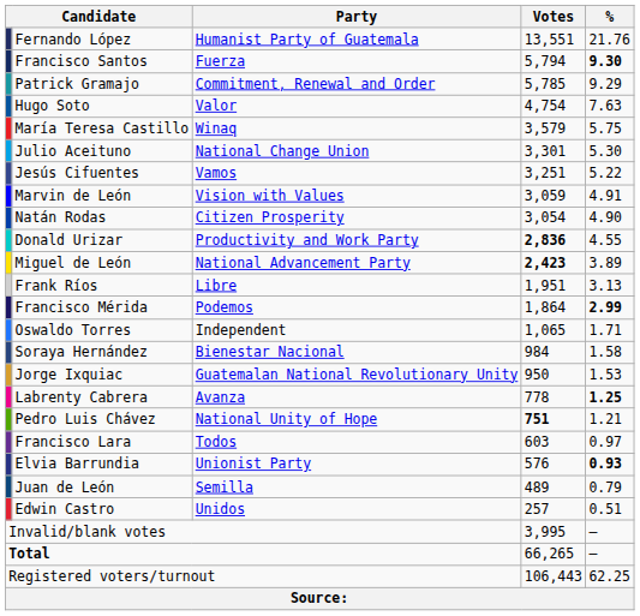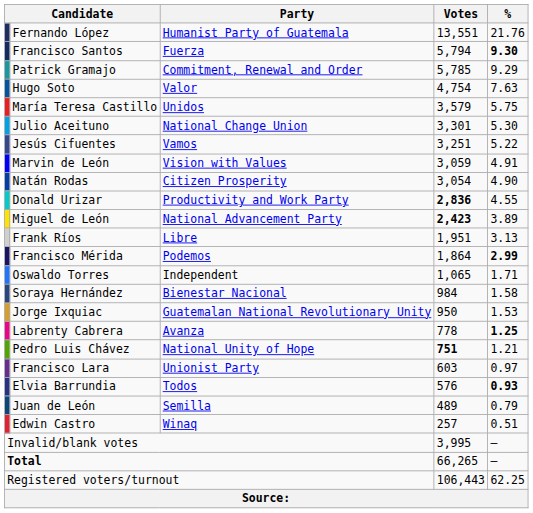 <table class="wikitable style=text-align:right">
 <tr>
 <th colspan=2>Candidate</th>
 <th>Party</th>
 <th>Votes</th>
 <th>%</th>
 </tr>
 <tr>
 <td bgcolor="#212C64"></td>
 <td align=left>Fernando López</td>
 <td align=left><a href='#'>Humanist Party of Guatemala</a></td>
 <td>13,551</td>
 <td>21.76</td>
 </tr>
 <tr>
 <td bgcolor="#142A62"></td>
 <td align=left>Francisco Santos</td>
 <td align=left><a href='#'>Fuerza</a></td>
 <td>5,794</td>
 <td><strong>9.30</strong></td>
 </tr>
 <tr>
 <td bgcolor="#1898A1"></td>
 <td align=left>Patrick Gramajo</td>
 <td align=left><a href='#'>Commitment, Renewal and Order</a></td>
 <td>5,785</td>
 <td>9.29</td>
 </tr>
 <tr>
 <td bgcolor="#05549E"></td>
 <td align=left>Hugo Soto</td>
 <td align=left><a href='#'>Valor</a></td>
 <td>4,754</td>
 <td>7.63</td>
 </tr>
 <tr>
 <td bgcolor="#EB1C22"></td>
 <td align=left>María Teresa Castillo</td>
-<td align=left><a href='#'>Winaq</a></td>
+<td align=left><a href='#'>Unidos</a></td>
 <td>3,579</td>
 <td>5.75</td>
 </tr>
 <tr>
 <td bgcolor="#00A3E6"></td>
 <td align=left>Julio Aceituno</td>
 <td align=left><a href='#'>National Change Union</a></td>
 <td>3,301</td>
 <td>5.30</td>
 </tr>
 <tr>
 <td bgcolor="#34478E"></td>
 <td align=left>Jesús Cifuentes</td>
 <td align=left><a href='#'>Vamos</a></td>
 <td>3,251</td>
 <td>5.22</td>
 </tr>
 <tr>
 <td bgcolor="#0000FE"></td>
 <td align=left>Marvin de León</td>
 <td align=left><a href='#'>Vision with Values</a></td>
 <td>3,059</td>
 <td>4.91</td>
 </tr>
 <tr>
 <td bgcolor="#013EA8"></td>
 <td align=left>Natán Rodas</td>
 <td align=left><a href='#'>Citizen Prosperity</a></td>
 <td>3,054</td>
 <td>4.90</td>
 </tr>
 <tr>
 <td bgcolor="#00CCC9"></td>
 <td align=left>Donald Urizar</td>
 <td align=left><a href='#'>Productivity and Work Party</a></td>
 <td><strong>2,836</strong></td>
 <td>4.55</td>
 </tr>
 <tr>
 <td bgcolor="#FFE200"></td>
 <td align=left>Miguel de León</td>
 <td align=left><a href='#'>National Advancement Party</a></td>
 <td><strong>2,423</strong></td>
 <td>3.89</td>
 </tr>
 <tr>
 <td bgcolor="#CFCFCF"></td>
 <td align=left>Frank Ríos</td>
 <td align=left><a href='#'>Libre</a></td>
 <td>1,951</td>
 <td>3.13</td>
 </tr>
 <tr>
 <td bgcolor="#1B1464"></td>
 <td align=left>Francisco Mérida</td>
 <td align=left><a href='#'>Podemos</a></td>
 <td>1,864</td>
 <td><strong>2.99</strong></td>
 </tr>
 <tr>
 <td bgcolor="#1F75FE"></td>
 <td align=left>Oswaldo Torres</td>
 <td align=left>Independent</td>
 <td>1,065</td>
 <td>1.71</td>
 </tr>
 <tr>
 <td bgcolor="#29467E"></td>
 <td align=left>Soraya Hernández</td>
 <td align=left><a href='#'>Bienestar Nacional</a></td>
 <td>984</td>
 <td>1.58</td>
 </tr>
 <tr>
 <td bgcolor="#D79E2D"></td>
 <td align=left>Jorge Ixquiac</td>
 <td align=left><a href='#'>Guatemalan National Revolutionary Unity</a></td>
 <td>950</td>
 <td>1.53</td>
 </tr>
 <tr>
 <td bgcolor="#EF018D"></td>
 <td align=left>Labrenty Cabrera</td>
 <td align=left><a href='#'>Avanza</a></td>
 <td>778</td>
 <td><strong>1.25</strong></td>
 </tr>
 <tr>
 <td bgcolor="#50A700"></td>
 <td align=left>Pedro Luis Chávez</td>
 <td align=left><a href='#'>National Unity of Hope</a></td>
 <td><strong>751</strong></td>
 <td>1.21</td>
 </tr>
 <tr>
 <td bgcolor="#652D92"></td>
 <td align=left>Francisco Lara</td>
-<td align=left><a href='#'>Todos</a></td>
+<td align=left><a href='#'>Unionist Party</a></td>
 <td>603</td>
 <td>0.97</td>
 </tr>
 <tr>
 <td bgcolor="#273284"></td>
 <td align=left>Elvia Barrundia</td>
-<td align=left><a href='#'>Unionist Party</a></td>
+<td align=left><a href='#'>Todos</a></td>
 <td>576</td>
 <td><strong>0.93</strong></td>
 </tr>
 <tr>
 <td bgcolor="#0C477B"></td>
 <td align=left>Juan de León</td>
 <td align=left><a href='#'>Semilla</a></td>
 <td>489</td>
 <td>0.79</td>
 </tr>
 <tr>
 <td bgcolor="#E32132"></td>
 <td align=left>Edwin Castro</td>
-<td align=left><a href='#'>Unidos</a></td>
+<td align=left><a href='#'>Winaq</a></td>
 <td>257</td>
 <td>0.51</td>
 </tr>
 <tr>
 <td colspan="3" style="text-align:left;">Invalid/blank votes</td>
 <td>3,995</td>
 <td>—</td>
 </tr>
 <tr>
 <td colspan="3" style="text-align:left;"><strong>Total</strong></td>
 <td>66,265</td>
 <td>—</td>
 </tr>
 <tr>
 <td colspan="3" style="text-align:left;">Registered voters/turnout</td>
 <td>106,443</td>
 <td>62.25</td>
 </tr>
 <tr>
 <th colspan="9">Source:  </th>
 </tr>
 </table>
